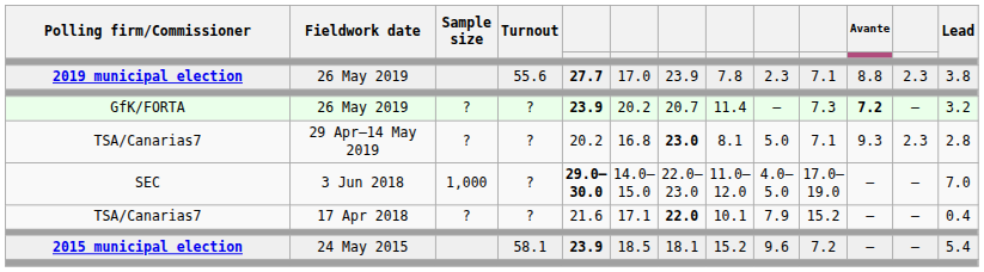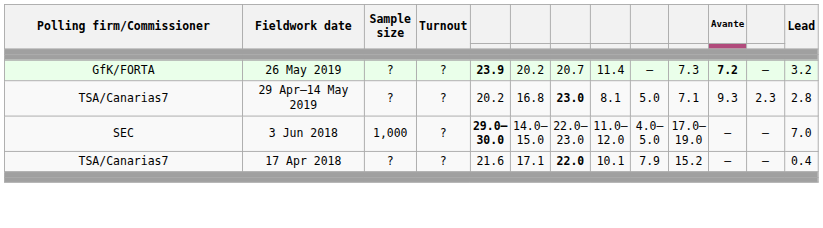 <table class="wikitable collapsible collapsed" style="text-align:center; font-size:95%; line-height:16px;">
 <tr style="height:42px;">
 <th style="width:250px;" rowspan="2">Polling firm/Commissioner</th>
 <th style="width:125px;" rowspan="2">Fieldwork date</th>
 <th style="width:50px;" rowspan="2">Sample size</th>
 <th style="width:45px;" rowspan="2">Turnout</th>
 <th style="width:35px;"></th>
 <th style="width:35px;"></th>
 <th style="width:35px;"></th>
 <th style="width:35px;"></th>
 <th style="width:35px;"></th>
 <th style="width:35px;"></th>
 <th style="width:35px; font-size:80%;">Avante</th>
 <th style="width:35px;"></th>
 <th style="width:30px;" rowspan="2">Lead</th>
 </tr>
 <tr>
 <th style="color:inherit;background:"></th>
 <th style="color:inherit;background:"></th>
 <th style="color:inherit;background:"></th>
 <th style="color:inherit;background:"></th>
 <th style="color:inherit;background:"></th>
 <th style="color:inherit;background:"></th>
 <th style="color:inherit;background:#B14B7C;"></th>
 <th style="color:inherit;background:"></th>
 </tr>
 <tr>
 <td colspan="13" style="background:#A0A0A0"></td>
-</tr>
-<tr style="background:#EFEFEF;">
-<td><strong><a href='#'>2019 municipal election</a></strong></td>
-<td>26 May 2019</td>
-<td></td>
-<td>55.6</td>
-<td><strong>27.7</strong><br></td>
-<td>17.0<br></td>
-<td>23.9<br></td>
-<td>7.8<br></td>
-<td>2.3<br></td>
-<td>7.1<br></td>
-<td>8.8<br></td>
-<td>2.3<br></td>
-<td style="background:">3.8</td>
 </tr>
 <tr>
 <td colspan="13" style="background:#A0A0A0"></td>
 </tr>
 <tr style="background:#EAFFEA;">
 <td>GfK/FORTA</td>
 <td>26 May 2019</td>
 <td>?</td>
 <td>?</td>
 <td><strong>23.9</strong><br></td>
 <td>20.2<br></td>
 <td>20.7<br></td>
 <td>11.4<br></td>
 <td>–</td>
 <td>7.3<br></td>
 <td><strong>7.2<br></strong></td>
 <td>–</td>
 <td style="background:">3.2</td>
 </tr>
 <tr>
 <td>TSA/Canarias7</td>
 <td>29 Apr–14 May 2019</td>
 <td>?</td>
 <td>?</td>
 <td>20.2<br></td>
 <td>16.8<br></td>
 <td><strong>23.0</strong><br></td>
 <td>8.1<br></td>
 <td>5.0<br></td>
 <td>7.1<br></td>
 <td>9.3<br></td>
 <td>2.3<br></td>
 <td style="background:">2.8</td>
 </tr>
 <tr>
 <td>SEC</td>
 <td>3 Jun 2018</td>
 <td>1,000</td>
 <td>?</td>
 <td><strong>29.0–<br>30.0</strong><br></td>
 <td>14.0–<br>15.0<br></td>
 <td>22.0–<br>23.0<br></td>
 <td>11.0–<br>12.0<br></td>
 <td>4.0–<br>5.0<br></td>
 <td>17.0–<br>19.0<br></td>
 <td>–</td>
 <td>–</td>
 <td style="background:">7.0</td>
 </tr>
 <tr>
 <td>TSA/Canarias7</td>
 <td>17 Apr 2018</td>
 <td>?</td>
 <td>?</td>
 <td>21.6<br></td>
 <td>17.1<br></td>
 <td><strong>22.0</strong><br></td>
 <td>10.1<br></td>
 <td>7.9<br></td>
 <td>15.2<br></td>
 <td>–</td>
 <td>–</td>
 <td style="background:">0.4</td>
 </tr>
 <tr>
 <td colspan="13" style="background:#A0A0A0"></td>
 </tr>
-<tr style="background:#EFEFEF;">
-<td><strong><a href='#'>2015 municipal election</a></strong></td>
-<td>24 May 2015</td>
-<td></td>
-<td>58.1</td>
-<td><strong>23.9</strong><br></td>
-<td>18.5<br></td>
-<td>18.1<br></td>
-<td>15.2<br></td>
-<td>9.6<br></td>
-<td>7.2<br></td>
-<td>–</td>
-<td>–</td>
-<td style="background:">5.4</td>
-</tr>
 <tr>
 <td colspan="13" style="background:#A0A0A0"></td>
 </tr>
 </table>
